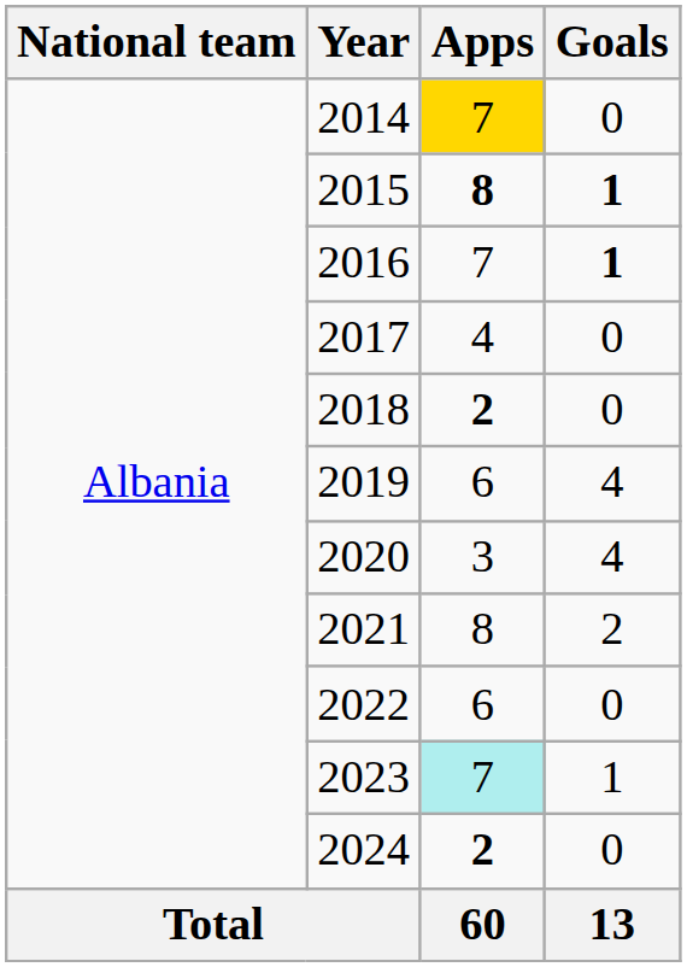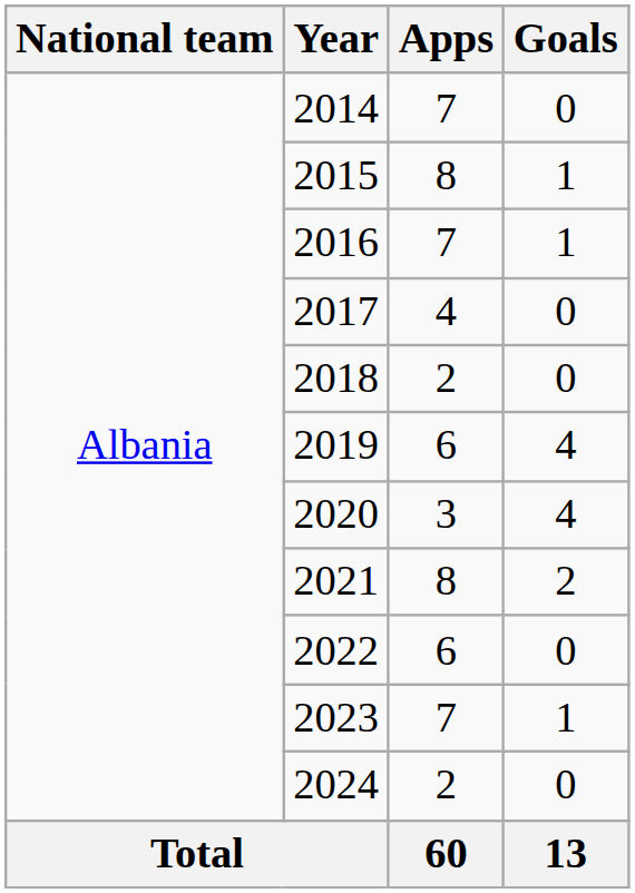 <table class="wikitable" style="text-align:center">
 <tr>
 <th>National team</th>
 <th>Year</th>
 <th>Apps</th>
 <th>Goals</th>
 </tr>
 <tr>
 <td rowspan="11"><a href='#'>Albania</a></td>
 <td>2014</td>
-<td style="background: gold;">7</td>
+<td>7</td>
 <td>0</td>
 </tr>
 <tr>
 <td>2015</td>
-<td><strong>8</strong></td>
-<td><strong>1</strong></td>
+<td>8</td>
+<td>1</td>
 </tr>
 <tr>
 <td>2016</td>
 <td>7</td>
-<td><strong>1</strong></td>
+<td>1</td>
 </tr>
 <tr>
 <td>2017</td>
 <td>4</td>
 <td>0</td>
 </tr>
 <tr>
 <td>2018</td>
-<td><strong>2</strong></td>
+<td>2</td>
 <td>0</td>
 </tr>
 <tr>
 <td>2019</td>
 <td>6</td>
 <td>4</td>
 </tr>
 <tr>
 <td>2020</td>
 <td>3</td>
 <td>4</td>
 </tr>
 <tr>
 <td>2021</td>
 <td>8</td>
 <td>2</td>
 </tr>
 <tr>
 <td>2022</td>
 <td>6</td>
 <td>0</td>
 </tr>
 <tr>
 <td>2023</td>
-<td style="background: paleturquoise;">7</td>
+<td>7</td>
 <td>1</td>
 </tr>
 <tr>
 <td>2024</td>
-<td><strong>2</strong></td>
+<td>2</td>
 <td>0</td>
 </tr>
 <tr>
 <th colspan="2">Total</th>
 <th>60</th>
 <th>13</th>
 </tr>
 </table>
